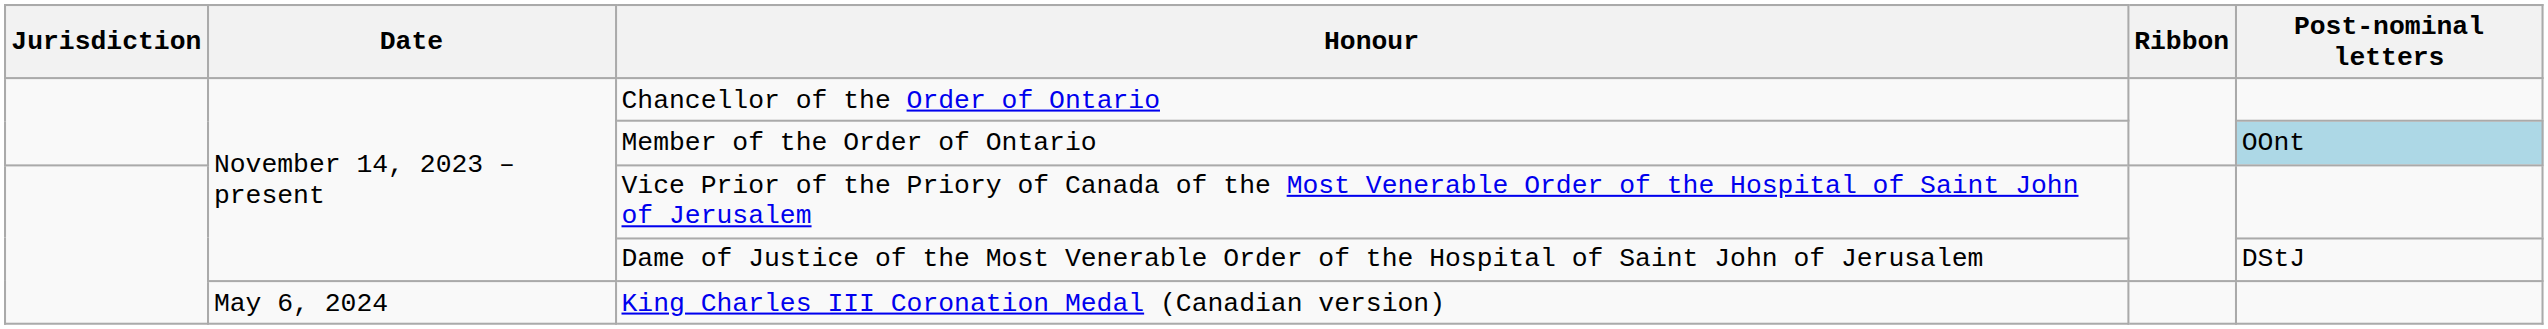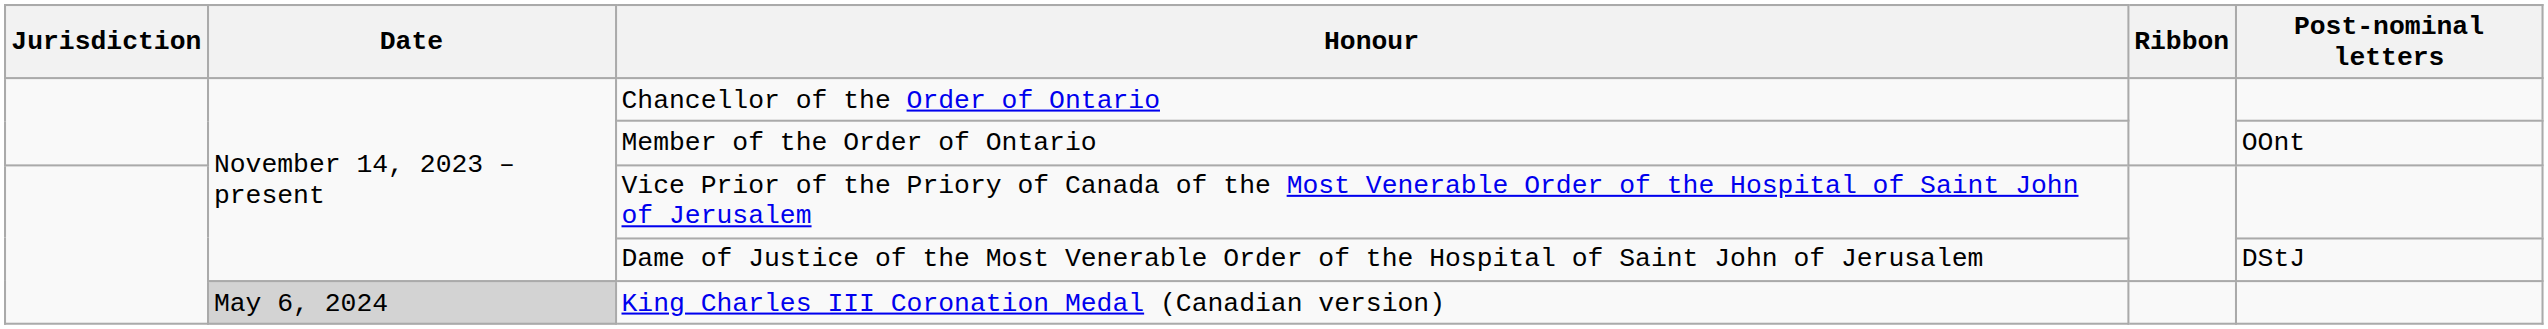 <table class="wikitable">
 <tr>
 <th>Jurisdiction</th>
 <th>Date</th>
 <th>Honour</th>
 <th>Ribbon</th>
 <th>Post-nominal letters</th>
 </tr>
 <tr>
 <td rowspan=2></td>
 <td rowspan=4>November 14, 2023 – present</td>
 <td>Chancellor of the <a href='#'>Order of Ontario</a></td>
 <td rowspan=2></td>
 </tr>
 <tr>
 <td>Member of the Order of Ontario</td>
-<td style="background: lightblue;">OOnt</td>
+<td>OOnt</td>
 </tr>
 <tr>
 <td rowspan=3></td>
 <td>Vice Prior of the Priory of Canada of the <a href='#'>Most Venerable Order of the Hospital of Saint John of Jerusalem</a></td>
 <td rowspan=2></td>
 </tr>
 <tr>
 <td>Dame of Justice of the Most Venerable Order of the Hospital of Saint John of Jerusalem</td>
 <td>DStJ</td>
 </tr>
 <tr>
-<td>May 6, 2024</td>
+<td style="background: lightgrey;">May 6, 2024</td>
 <td><a href='#'>King Charles III Coronation Medal</a> (Canadian version)</td>
 <td></td>
 <td></td>
 </tr>
 </table>
